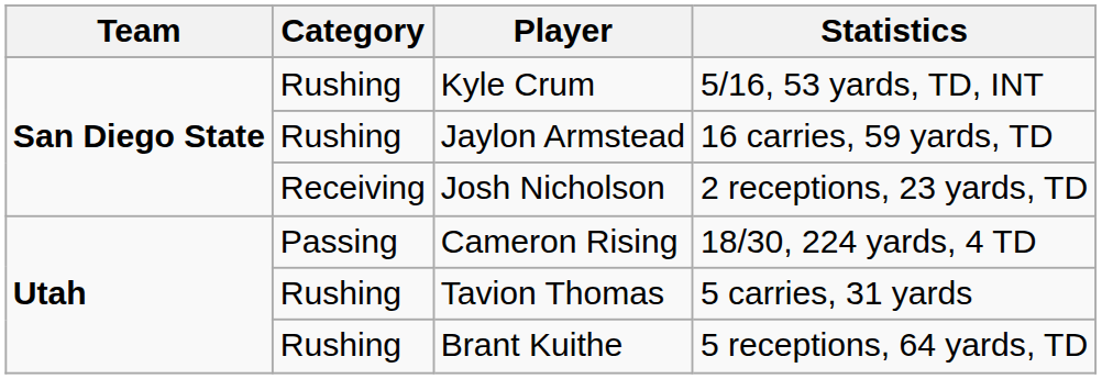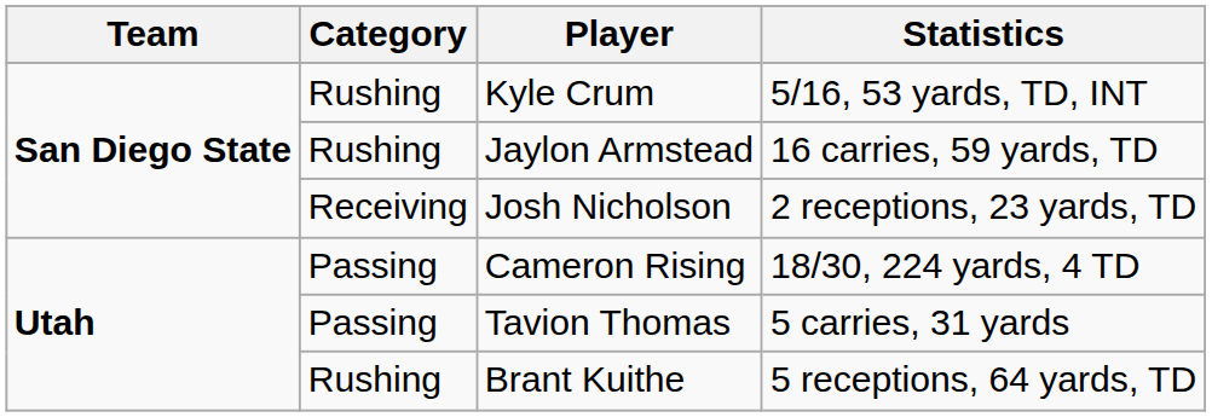 <table class="wikitable" style="float: right;">
 <tr>
 <th>Team</th>
 <th>Category</th>
 <th>Player</th>
 <th>Statistics</th>
 </tr>
 <tr>
 <td rowspan=3><strong>San Diego State</strong></td>
 <td>Rushing</td>
 <td>Kyle Crum</td>
 <td>5/16, 53 yards, TD, INT</td>
 </tr>
 <tr>
 <td>Rushing</td>
 <td>Jaylon Armstead</td>
 <td>16 carries, 59 yards, TD</td>
 </tr>
 <tr>
 <td>Receiving</td>
 <td>Josh Nicholson</td>
 <td>2 receptions, 23 yards, TD</td>
 </tr>
 <tr>
 <td rowspan=3><strong>Utah</strong></td>
 <td>Passing</td>
 <td>Cameron Rising</td>
 <td>18/30, 224 yards, 4 TD</td>
 </tr>
 <tr>
-<td>Rushing</td>
+<td>Passing</td>
 <td>Tavion Thomas</td>
 <td>5 carries, 31 yards</td>
 </tr>
 <tr>
 <td>Rushing</td>
 <td>Brant Kuithe</td>
 <td>5 receptions, 64 yards, TD</td>
 </tr>
 </table>
